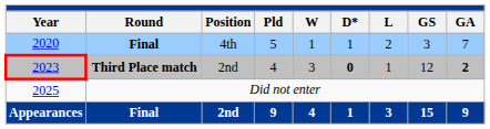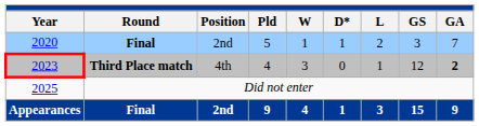 <table class="wikitable" style="text-align: center;font-size:90%;">
 <tr>
 <th colspan="9" style="background: #003893; color: #FFFFFF;"><a href='#'></a></th>
 </tr>
 <tr>
 <th width=40>Year</th>
 <th width=120>Round</th>
 <th width=40>Position</th>
 <th width=35>Pld</th>
 <th width=35>W</th>
 <th width=35>D*</th>
 <th width=35>L</th>
 <th width=35>GS</th>
 <th width=35>GA</th>
 </tr>
 <tr style="background:#9acdff;">
 <td> <a href='#'>2020</a></td>
 <td><strong>Final</strong></td>
-<td>4th</td>
+<td>2nd</td>
 <td>5</td>
 <td>1</td>
 <td>1</td>
 <td>2</td>
 <td>3</td>
 <td>7</td>
 </tr>
 <tr style="background:silver;">
 <td style="border:3px solid red;"> <a href='#'>2023</a></td>
 <td><strong>Third Place match</strong></td>
-<td>2nd</td>
+<td>4th</td>
 <td>4</td>
 <td>3</td>
-<td><strong>0</strong></td>
+<td>0</td>
 <td>1</td>
 <td>12</td>
 <td><strong>2</strong></td>
 </tr>
 <tr>
 <td> <a href='#'>2025</a></td>
 <td colspan=8><em>Did not enter</em></td>
 </tr>
 <tr>
 <td colspan=1 style="background: #003893; color: #FFFFFF;"><strong>Appearances</strong></td>
 <td style="background: #003893; color: #FFFFFF;"><strong>Final</strong></td>
 <td style="background: #003893; color: #FFFFFF;"><strong>2nd</strong></td>
 <td style="background: #003893; color: #FFFFFF;"><strong>9</strong></td>
 <td style="background: #003893; color: #FFFFFF;"><strong>4</strong></td>
 <td style="background: #003893; color: #FFFFFF;"><strong>1</strong></td>
 <td style="background: #003893; color: #FFFFFF;"><strong>3</strong></td>
 <td style="background: #003893; color: #FFFFFF;"><strong>15</strong></td>
 <td style="background: #003893; color: #FFFFFF;"><strong>9</strong></td>
 </tr>
 </table>
